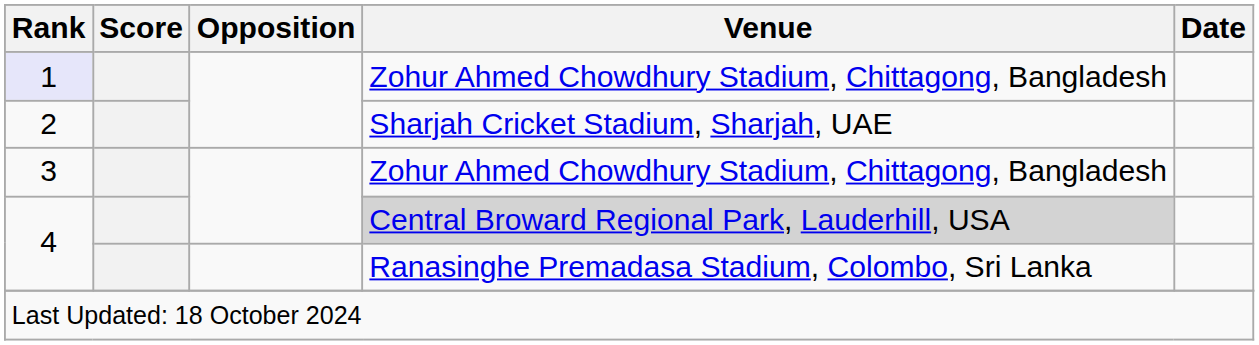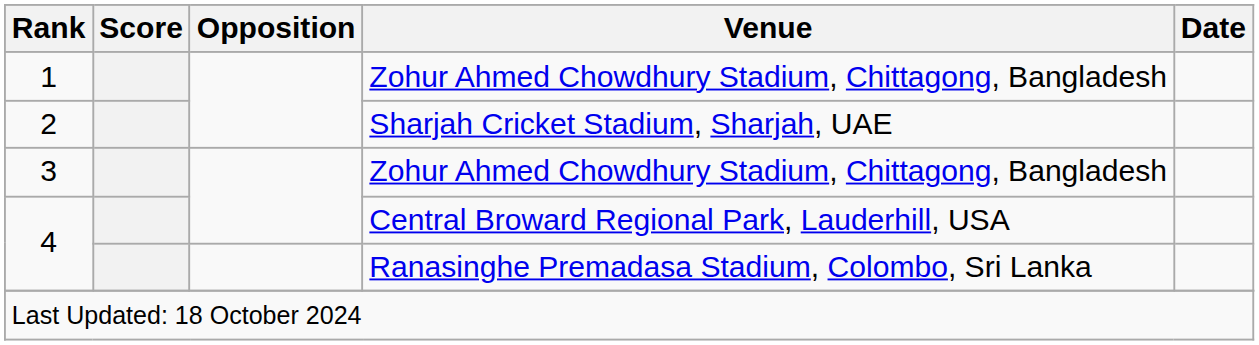 <table class="wikitable plainrowheaders sortable">
 <tr>
 <th scope=col>Rank</th>
 <th scope=col>Score</th>
 <th scope=col>Opposition</th>
 <th scope=col>Venue</th>
 <th scope=col>Date</th>
 </tr>
 <tr>
-<td align=center style="background: lavender;">1</td>
+<td align=center>1</td>
 <th scope=row style=text-align:center;></th>
 <td rowspan="2"></td>
 <td><a href='#'>Zohur Ahmed Chowdhury Stadium</a>, <a href='#'>Chittagong</a>, Bangladesh</td>
 <td> </td>
 </tr>
 <tr>
 <td align=center>2</td>
 <th scope=row style=text-align:center;></th>
 <td><a href='#'>Sharjah Cricket Stadium</a>, <a href='#'>Sharjah</a>, UAE</td>
 <td> </td>
 </tr>
 <tr>
 <td align="center">3</td>
 <th scope=row style=text-align:center;></th>
 <td rowspan="2"></td>
 <td><a href='#'>Zohur Ahmed Chowdhury Stadium</a>, <a href='#'>Chittagong</a>, Bangladesh</td>
 <td> </td>
 </tr>
 <tr>
 <td align=center rowspan=2>4</td>
 <th scope="row" style="text-align:center;"></th>
-<td style="background: lightgrey;"><a href='#'>Central Broward Regional Park</a>, <a href='#'>Lauderhill</a>, USA</td>
+<td><a href='#'>Central Broward Regional Park</a>, <a href='#'>Lauderhill</a>, USA</td>
 <td></td>
 </tr>
 <tr>
 <th scope=row style=text-align:center;></th>
 <td></td>
 <td><a href='#'>Ranasinghe Premadasa Stadium</a>, <a href='#'>Colombo</a>, Sri Lanka</td>
 <td></td>
 </tr>
 <tr>
 </tr>
 <tr class=sortbottom>
 <td colspan=5><small>Last Updated: 18 October 2024</small></td>
 </tr>
 </table>
